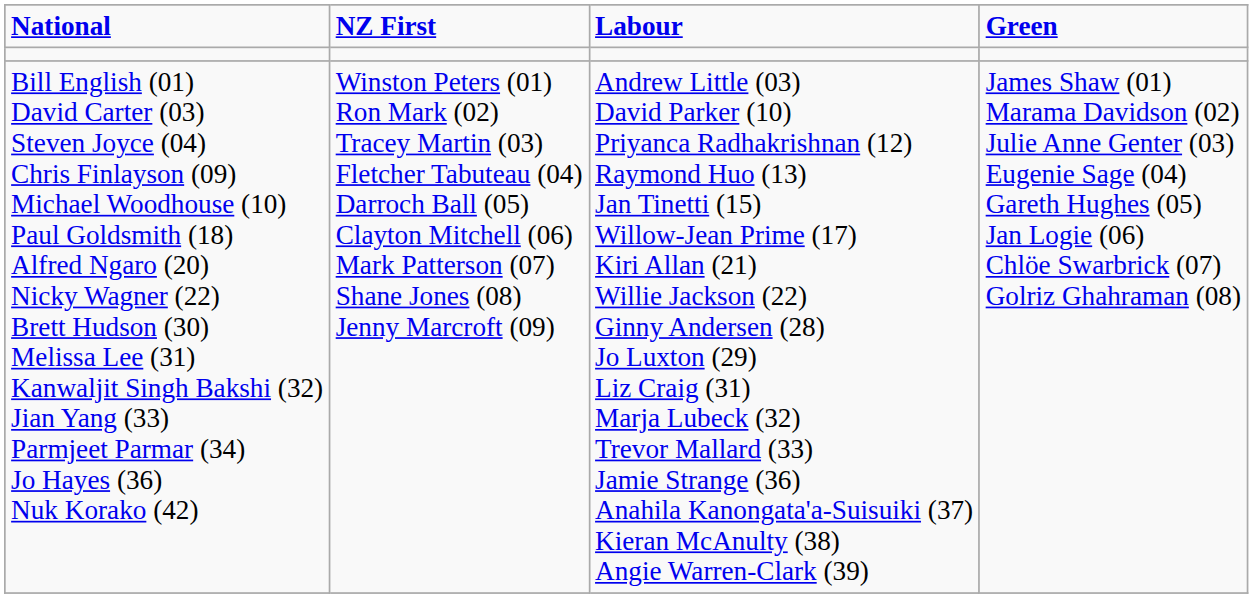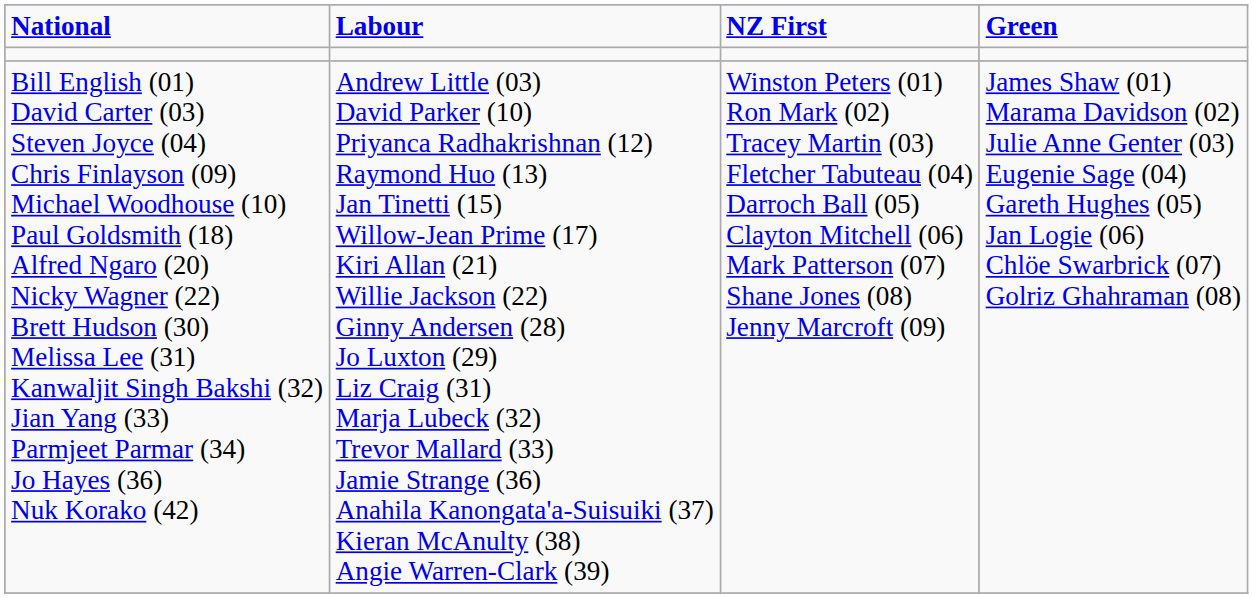 <table class= "wikitable">
 <tr>
 <td><strong><a href='#'>National</a></strong></td>
+<td><strong><a href='#'>Labour</a></strong></td>
 <td><strong><a href='#'>NZ First</a></strong></td>
-<td><strong><a href='#'>Labour</a></strong></td>
 <td><strong><a href='#'>Green</a></strong></td>
 </tr>
 <tr>
 <td bgcolor=></td>
 <td bgcolor=></td>
 <td bgcolor=></td>
 <td bgcolor=></td>
 </tr>
 <tr valign="top">
 <td><a href='#'>Bill English</a> (01)<br><a href='#'>David Carter</a> (03)<br><a href='#'>Steven Joyce</a> (04)<br><a href='#'>Chris Finlayson</a> (09)<br><a href='#'>Michael Woodhouse</a> (10)<br><a href='#'>Paul Goldsmith</a> (18)<br><a href='#'>Alfred Ngaro</a> (20)<br><a href='#'>Nicky Wagner</a> (22)<br><a href='#'>Brett Hudson</a> (30)<br><a href='#'>Melissa Lee</a> (31)<br><a href='#'>Kanwaljit Singh Bakshi</a> (32)<br><a href='#'>Jian Yang</a> (33)<br><a href='#'>Parmjeet Parmar</a> (34)<br><a href='#'>Jo Hayes</a> (36)<br><a href='#'>Nuk Korako</a> (42)</td>
+<td><a href='#'>Andrew Little</a> (03)<br><a href='#'>David Parker</a> (10)<br><a href='#'>Priyanca Radhakrishnan</a> (12)<br><a href='#'>Raymond Huo</a> (13)<br><a href='#'>Jan Tinetti</a> (15)<br><a href='#'>Willow-Jean Prime</a> (17)<br><a href='#'>Kiri Allan</a> (21)<br><a href='#'>Willie Jackson</a> (22)<br><a href='#'>Ginny Andersen</a> (28)<br><a href='#'>Jo Luxton</a> (29)<br><a href='#'>Liz Craig</a> (31)<br><a href='#'>Marja Lubeck</a> (32)<br><a href='#'>Trevor Mallard</a> (33)<br><a href='#'>Jamie Strange</a> (36)<br><a href='#'>Anahila Kanongata'a-Suisuiki</a> (37)<br><a href='#'>Kieran McAnulty</a> (38)<br><a href='#'>Angie Warren-Clark</a> (39)</td>
 <td><a href='#'>Winston Peters</a> (01)<br><a href='#'>Ron Mark</a> (02)<br><a href='#'>Tracey Martin</a> (03)<br><a href='#'>Fletcher Tabuteau</a> (04)<br> <a href='#'>Darroch Ball</a> (05)<br><a href='#'>Clayton Mitchell</a> (06)<br> <a href='#'>Mark Patterson</a> (07)<br> <a href='#'>Shane Jones</a> (08)<br><a href='#'>Jenny Marcroft</a> (09)</td>
-<td><a href='#'>Andrew Little</a> (03)<br><a href='#'>David Parker</a> (10)<br><a href='#'>Priyanca Radhakrishnan</a> (12)<br><a href='#'>Raymond Huo</a> (13)<br><a href='#'>Jan Tinetti</a> (15)<br><a href='#'>Willow-Jean Prime</a> (17)<br><a href='#'>Kiri Allan</a> (21)<br><a href='#'>Willie Jackson</a> (22)<br><a href='#'>Ginny Andersen</a> (28)<br><a href='#'>Jo Luxton</a> (29)<br><a href='#'>Liz Craig</a> (31)<br><a href='#'>Marja Lubeck</a> (32)<br><a href='#'>Trevor Mallard</a> (33)<br><a href='#'>Jamie Strange</a> (36)<br><a href='#'>Anahila Kanongata'a-Suisuiki</a> (37)<br><a href='#'>Kieran McAnulty</a> (38)<br><a href='#'>Angie Warren-Clark</a> (39)</td>
 <td><a href='#'>James Shaw</a> (01)<br><a href='#'>Marama Davidson</a> (02)<br><a href='#'>Julie Anne Genter</a> (03)<br><a href='#'>Eugenie Sage</a> (04)<br><a href='#'>Gareth Hughes</a> (05)<br><a href='#'>Jan Logie</a> (06)<br><a href='#'>Chlöe Swarbrick</a> (07)<br><a href='#'>Golriz Ghahraman</a> (08)</td>
 </tr>
 </table>
